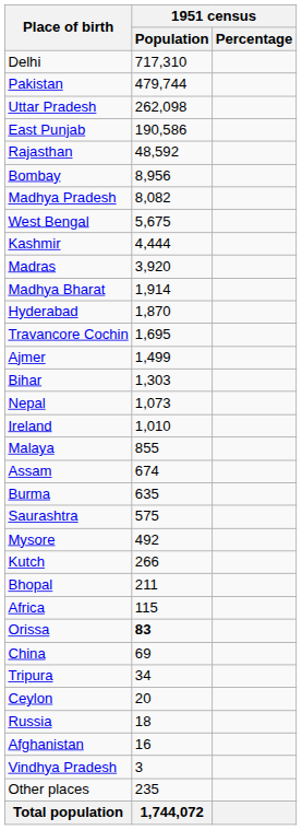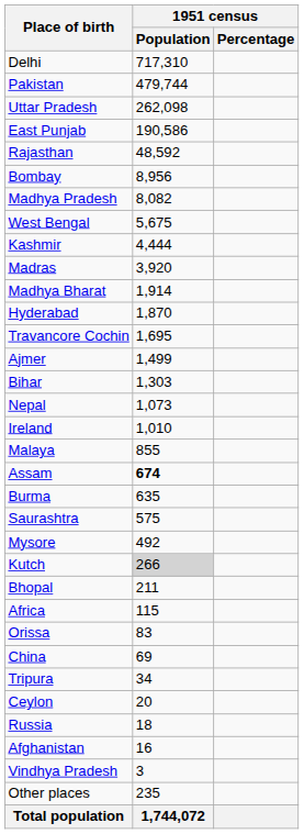 <table class="wikitable sortable">
 <tr>
 <th rowspan="2">Place of birth</th>
 <th colspan="2">1951 census</th>
 </tr>
 <tr>
 <th>Population</th>
 <th>Percentage</th>
 </tr>
 <tr>
 <td>Delhi</td>
 <td>717,310</td>
 <td></td>
 </tr>
 <tr>
 <td><a href='#'>Pakistan</a><br></td>
 <td>479,744</td>
 <td></td>
 </tr>
 <tr>
 <td><a href='#'>Uttar Pradesh</a><br></td>
 <td>262,098</td>
 <td></td>
 </tr>
 <tr>
 <td><a href='#'>East Punjab</a><br></td>
 <td>190,586</td>
 <td></td>
 </tr>
 <tr>
 <td><a href='#'>Rajasthan</a></td>
 <td>48,592</td>
 <td></td>
 </tr>
 <tr>
 <td><a href='#'>Bombay</a></td>
 <td>8,956</td>
 <td></td>
 </tr>
 <tr>
 <td><a href='#'>Madhya Pradesh</a></td>
 <td>8,082</td>
 <td></td>
 </tr>
 <tr>
 <td><a href='#'>West Bengal</a></td>
 <td>5,675</td>
 <td></td>
 </tr>
 <tr>
 <td><a href='#'>Kashmir</a></td>
 <td>4,444</td>
 <td></td>
 </tr>
 <tr>
 <td><a href='#'>Madras</a></td>
 <td>3,920</td>
 <td></td>
 </tr>
 <tr>
 <td><a href='#'>Madhya Bharat</a></td>
 <td>1,914</td>
 <td></td>
 </tr>
 <tr>
 <td><a href='#'>Hyderabad</a></td>
 <td>1,870</td>
 <td></td>
 </tr>
 <tr>
 <td><a href='#'>Travancore Cochin</a></td>
 <td>1,695</td>
 <td></td>
 </tr>
 <tr>
 <td><a href='#'>Ajmer</a></td>
 <td>1,499</td>
 <td></td>
 </tr>
 <tr>
 <td><a href='#'>Bihar</a></td>
 <td>1,303</td>
 <td></td>
 </tr>
 <tr>
 <td><a href='#'>Nepal</a></td>
 <td>1,073</td>
 <td></td>
 </tr>
 <tr>
 <td><a href='#'>Ireland</a></td>
 <td>1,010</td>
 <td></td>
 </tr>
 <tr>
 <td><a href='#'>Malaya</a></td>
 <td>855</td>
 <td></td>
 </tr>
 <tr>
 <td><a href='#'>Assam</a></td>
-<td>674</td>
+<td><strong>674</strong></td>
 <td></td>
 </tr>
 <tr>
 <td><a href='#'>Burma</a></td>
 <td>635</td>
 <td></td>
 </tr>
 <tr>
 <td><a href='#'>Saurashtra</a></td>
 <td>575</td>
 <td></td>
 </tr>
 <tr>
 <td><a href='#'>Mysore</a></td>
 <td>492</td>
 <td></td>
 </tr>
 <tr>
 <td><a href='#'>Kutch</a></td>
-<td>266</td>
+<td style="background: lightgrey;">266</td>
 <td></td>
 </tr>
 <tr>
 <td><a href='#'>Bhopal</a></td>
 <td>211</td>
 <td></td>
 </tr>
 <tr>
 <td><a href='#'>Africa</a></td>
 <td>115</td>
 <td></td>
 </tr>
 <tr>
 <td><a href='#'>Orissa</a></td>
-<td><strong>83</strong></td>
+<td>83</td>
 <td></td>
 </tr>
 <tr>
 <td><a href='#'>China</a></td>
 <td>69</td>
 <td></td>
 </tr>
 <tr>
 <td><a href='#'>Tripura</a></td>
 <td>34</td>
 <td></td>
 </tr>
 <tr>
 <td><a href='#'>Ceylon</a></td>
 <td>20</td>
 <td></td>
 </tr>
 <tr>
 <td><a href='#'>Russia</a></td>
 <td>18</td>
 <td></td>
 </tr>
 <tr>
 <td><a href='#'>Afghanistan</a></td>
 <td>16</td>
 <td></td>
 </tr>
 <tr>
 <td><a href='#'>Vindhya Pradesh</a></td>
 <td>3</td>
 <td></td>
 </tr>
 <tr>
 <td>Other places</td>
 <td>235</td>
 <td></td>
 </tr>
 <tr class="sortbottom">
 <th>Total population</th>
 <th>1,744,072</th>
 <th></th>
 </tr>
 </table>
